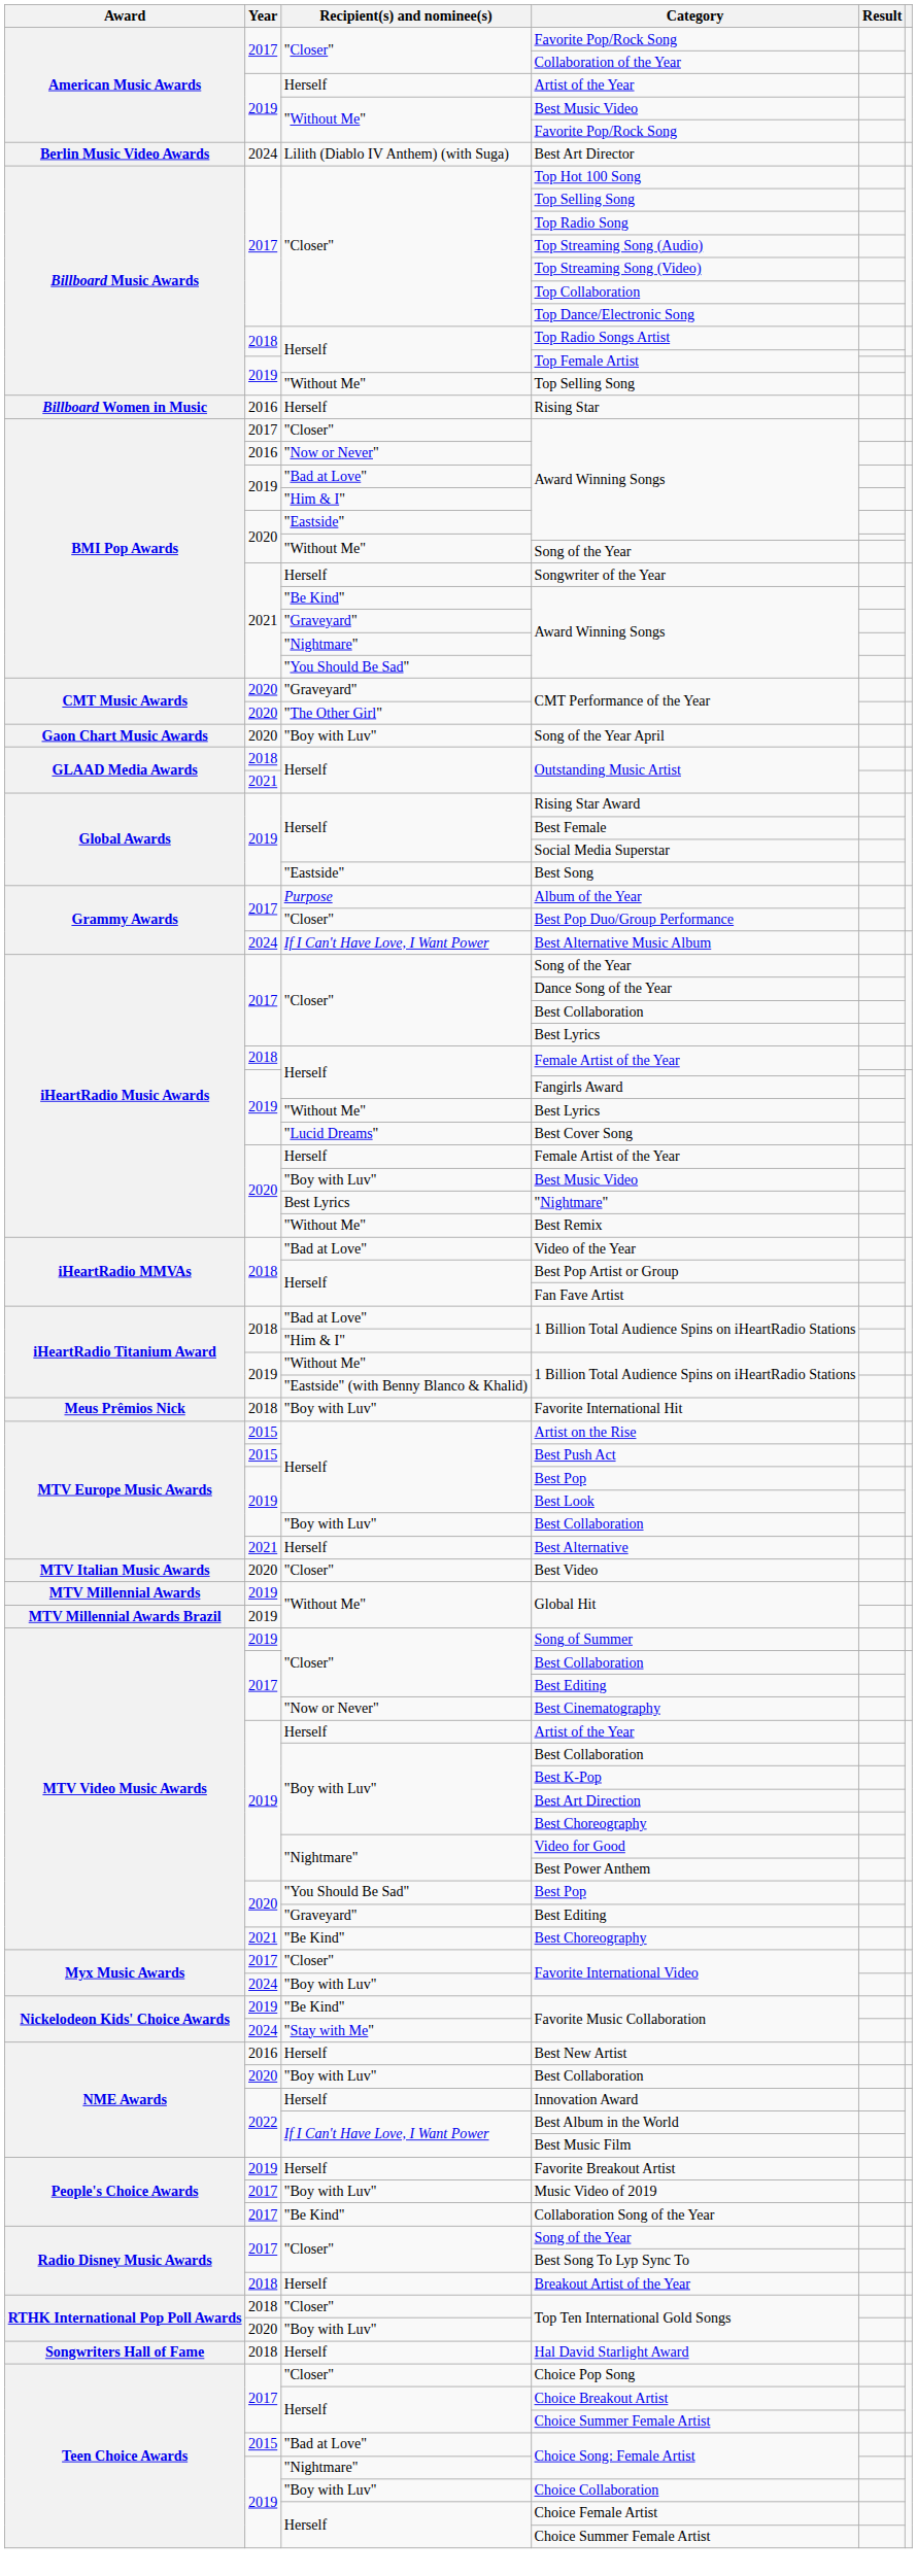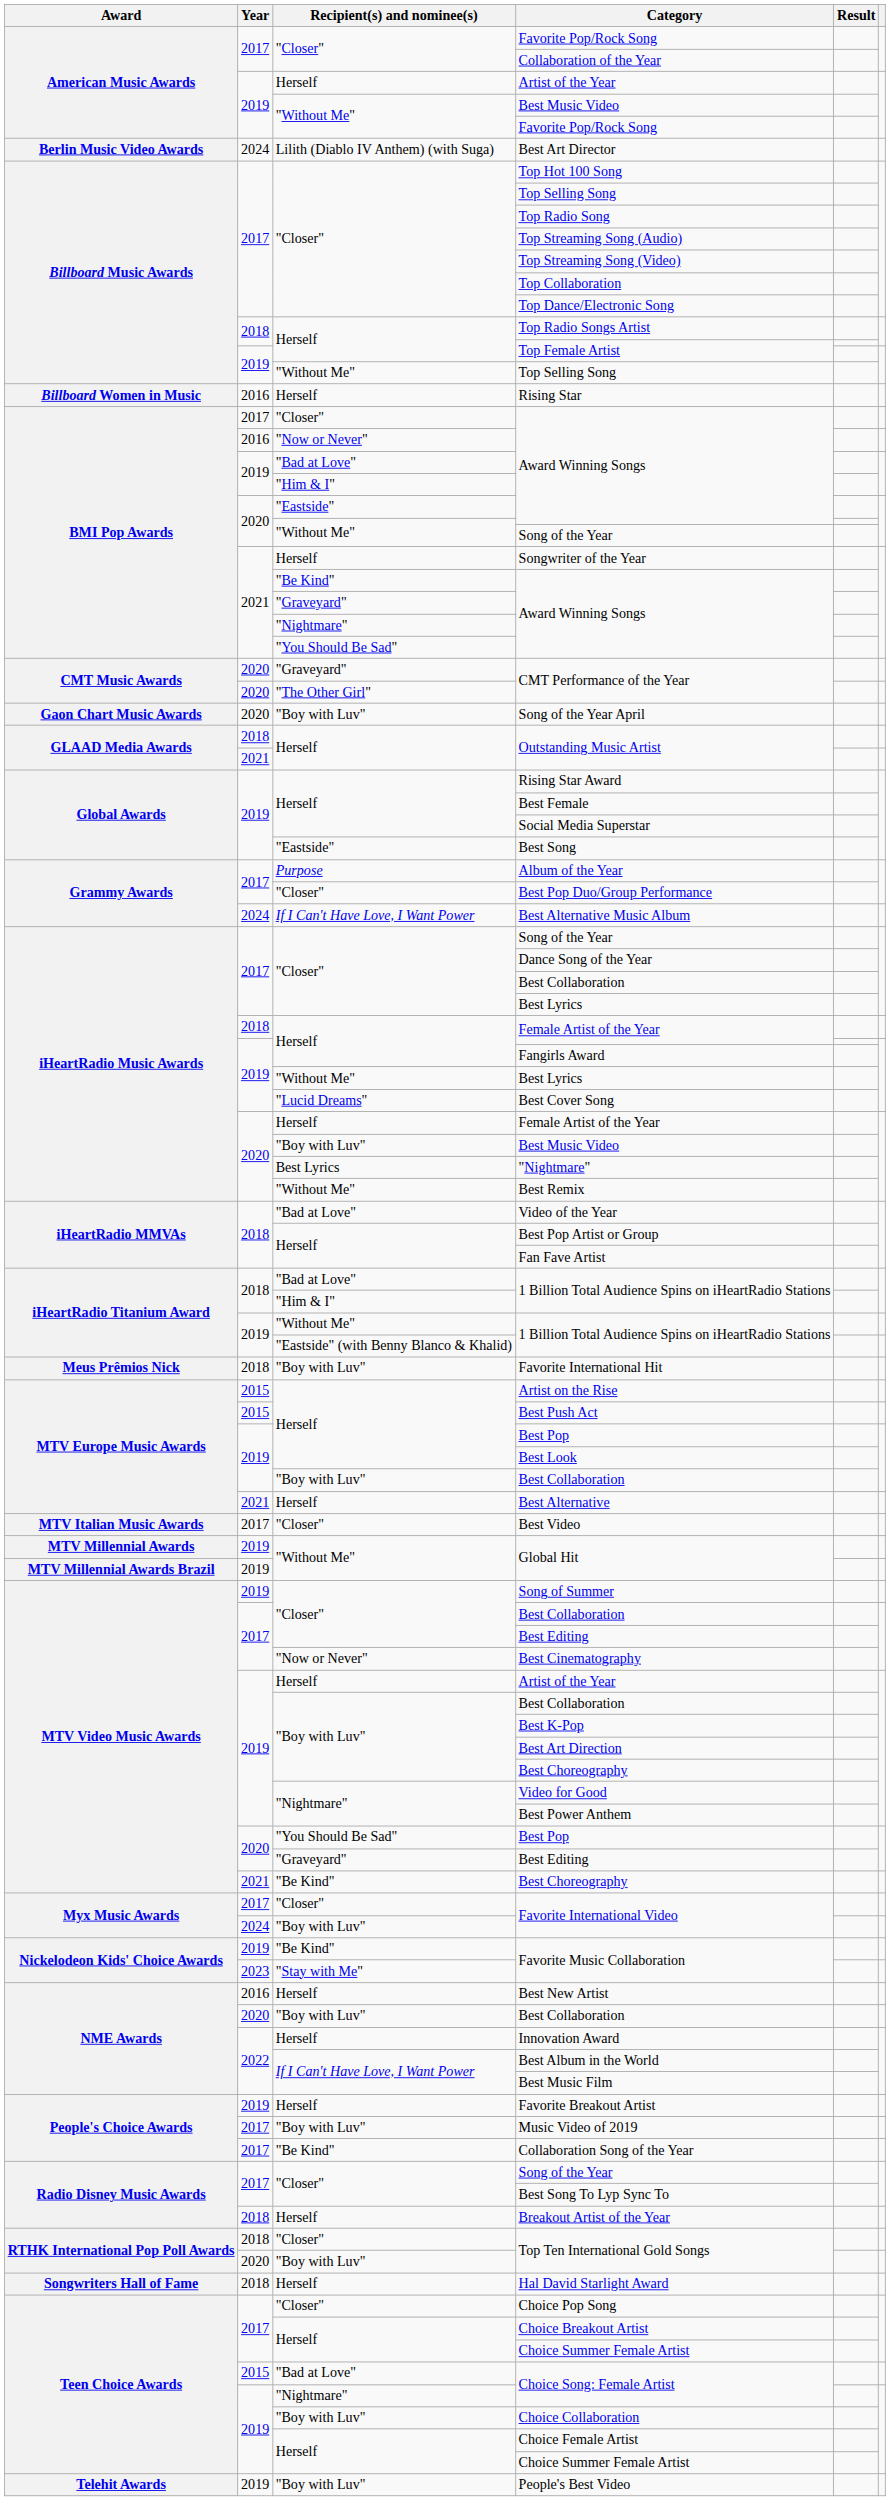 <table class="wikitable sortable plainrowheaders">
 <tr>
 <th scope="col">Award</th>
 <th scope="col">Year</th>
 <th scope="col">Recipient(s) and nominee(s)</th>
 <th scope="col">Category</th>
 <th scope="col">Result</th>
 <th scope="col" class="unsortable"></th>
 </tr>
 <tr>
 <th rowspan="5" scope="row"><a href='#'>American Music Awards</a></th>
 <td rowspan="2"><a href='#'>2017</a></td>
 <td rowspan="2">"<a href='#'>Closer</a>" </td>
 <td><a href='#'>Favorite Pop/Rock Song</a></td>
 <td></td>
 <td rowspan="2" style="text-align:center;"></td>
 </tr>
 <tr>
 <td><a href='#'>Collaboration of the Year</a></td>
 <td></td>
 </tr>
 <tr>
 <td rowspan="3"><a href='#'>2019</a></td>
 <td>Herself</td>
 <td><a href='#'>Artist of the Year</a></td>
 <td></td>
 <td rowspan="3" style="text-align:center;"></td>
 </tr>
 <tr>
 <td rowspan="2">"<a href='#'>Without Me</a>"</td>
 <td><a href='#'>Best Music Video</a></td>
 <td></td>
 </tr>
 <tr>
 <td><a href='#'>Favorite Pop/Rock Song</a></td>
 <td></td>
 </tr>
 <tr>
 <th><a href='#'>Berlin Music Video Awards</a></th>
 <td>2024</td>
 <td>Lilith (Diablo IV Anthem) (with Suga)</td>
 <td>Best Art Director</td>
 <td></td>
 </tr>
 <tr>
 <th rowspan="11" scope="row"><a href='#'><em>Billboard</em> Music Awards</a></th>
 <td rowspan="7"><a href='#'>2017</a></td>
 <td rowspan="7">"Closer" </td>
 <td><a href='#'>Top Hot 100 Song</a></td>
 <td></td>
 <td rowspan="7" style="text-align:center;"></td>
 </tr>
 <tr>
 <td><a href='#'>Top Selling Song</a></td>
 <td></td>
 </tr>
 <tr>
 <td><a href='#'>Top Radio Song</a></td>
 <td></td>
 </tr>
 <tr>
 <td><a href='#'>Top Streaming Song (Audio)</a></td>
 <td></td>
 </tr>
 <tr>
 <td><a href='#'>Top Streaming Song (Video)</a></td>
 <td></td>
 </tr>
 <tr>
 <td><a href='#'>Top Collaboration</a></td>
 <td></td>
 </tr>
 <tr>
 <td><a href='#'>Top Dance/Electronic Song</a></td>
 <td></td>
 </tr>
 <tr>
 <td rowspan="2"><a href='#'>2018</a></td>
 <td rowspan="3">Herself</td>
 <td><a href='#'>Top Radio Songs Artist</a></td>
 <td></td>
 <td rowspan="2" style="text-align:center;"></td>
 </tr>
 <tr>
 <td rowspan="2"><a href='#'>Top Female Artist</a></td>
 <td></td>
 </tr>
 <tr>
 <td rowspan="2"><a href='#'>2019</a></td>
 <td></td>
 <td rowspan="2" style="text-align:center;"></td>
 </tr>
 <tr>
 <td>"Without Me"</td>
 <td>Top Selling Song</td>
 <td></td>
 </tr>
 <tr>
 <th scope="row"><a href='#'><em>Billboard</em> Women in Music</a></th>
 <td>2016</td>
 <td>Herself</td>
 <td>Rising Star</td>
 <td></td>
 <td style="text-align:center;"></td>
 </tr>
 <tr>
 <th rowspan="12" scope="row"><a href='#'>BMI Pop Awards</a></th>
 <td>2017</td>
 <td>"Closer" </td>
 <td rowspan="6">Award Winning Songs</td>
 <td></td>
 <td style="text-align:center;"></td>
 </tr>
 <tr>
 <td>2016</td>
 <td>"<a href='#'>Now or Never</a>"</td>
 <td></td>
 <td style="text-align:center;"></td>
 </tr>
 <tr>
 <td rowspan="2">2019</td>
 <td>"<a href='#'>Bad at Love</a>"</td>
 <td></td>
 <td rowspan="2" style="text-align:center;"></td>
 </tr>
 <tr>
 <td>"<a href='#'>Him & I</a>" </td>
 <td></td>
 </tr>
 <tr>
 <td rowspan="3">2020</td>
 <td>"<a href='#'>Eastside</a>" </td>
 <td></td>
 <td rowspan="3" style="text-align:center;"></td>
 </tr>
 <tr>
 <td rowspan="2">"Without Me"</td>
 <td></td>
 </tr>
 <tr>
 <td>Song of the Year</td>
 <td></td>
 </tr>
 <tr>
 <td rowspan="5">2021</td>
 <td>Herself</td>
 <td>Songwriter of the Year</td>
 <td></td>
 <td rowspan="5" style="text-align:center;"></td>
 </tr>
 <tr>
 <td>"<a href='#'>Be Kind</a>" </td>
 <td rowspan="4">Award Winning Songs</td>
 <td></td>
 </tr>
 <tr>
 <td>"<a href='#'>Graveyard</a>"</td>
 <td></td>
 </tr>
 <tr>
 <td>"<a href='#'>Nightmare</a>"</td>
 <td></td>
 </tr>
 <tr>
 <td>"<a href='#'>You Should Be Sad</a>"</td>
 <td></td>
 </tr>
 <tr>
 <th rowspan="2" scope="row"><a href='#'>CMT Music Awards</a></th>
 <td><a href='#'>2020</a></td>
 <td>"Graveyard" </td>
 <td rowspan="2">CMT Performance of the Year</td>
 <td></td>
 <td style="text-align:center;"></td>
 </tr>
 <tr>
 <td><a href='#'>2020</a></td>
 <td>"<a href='#'>The Other Girl</a>" </td>
 <td></td>
 <td style="text-align:center;"></td>
 </tr>
 <tr>
 <th scope="row"><a href='#'>Gaon Chart Music Awards</a></th>
 <td>2020</td>
 <td>"Boy with Luv" </td>
 <td>Song of the Year April</td>
 <td></td>
 <td style="text-align:center;"></td>
 </tr>
 <tr>
 <th rowspan="2" scope="row"><a href='#'>GLAAD Media Awards</a></th>
 <td><a href='#'>2018</a></td>
 <td rowspan="2">Herself</td>
 <td rowspan="2"><a href='#'>Outstanding Music Artist</a></td>
 <td></td>
 <td style="text-align:center;"></td>
 </tr>
 <tr>
 <td><a href='#'>2021</a></td>
 <td></td>
 <td style="text-align:center;"></td>
 </tr>
 <tr>
 <th rowspan="4" scope="row"><a href='#'>Global Awards</a></th>
 <td rowspan="4"><a href='#'>2019</a></td>
 <td rowspan="3">Herself</td>
 <td>Rising Star Award</td>
 <td></td>
 <td rowspan="4" style="text-align:center;"></td>
 </tr>
 <tr>
 <td>Best Female</td>
 <td></td>
 </tr>
 <tr>
 <td>Social Media Superstar</td>
 <td></td>
 </tr>
 <tr>
 <td>"Eastside" </td>
 <td>Best Song</td>
 <td></td>
 </tr>
 <tr>
 <th rowspan="3" scope="row"><a href='#'>Grammy Awards</a></th>
 <td rowspan="2"><a href='#'>2017</a></td>
 <td><em><a href='#'>Purpose</a></em> </td>
 <td><a href='#'>Album of the Year</a></td>
 <td></td>
 <td rowspan="2" style="text-align:center;"></td>
 </tr>
 <tr>
 <td>"Closer" </td>
 <td><a href='#'>Best Pop Duo/Group Performance</a></td>
 <td></td>
 </tr>
 <tr>
 <td><a href='#'>2024</a></td>
 <td><em><a href='#'>If I Can't Have Love, I Want Power</a></em></td>
 <td><a href='#'>Best Alternative Music Album</a></td>
 <td></td>
 <td></td>
 </tr>
 <tr>
 <th rowspan="13" scope="row"><a href='#'>iHeartRadio Music Awards</a></th>
 <td rowspan="4"><a href='#'>2017</a></td>
 <td rowspan="4">"Closer" </td>
 <td>Song of the Year</td>
 <td></td>
 <td rowspan="4" style="text-align:center;"></td>
 </tr>
 <tr>
 <td>Dance Song of the Year</td>
 <td></td>
 </tr>
 <tr>
 <td>Best Collaboration</td>
 <td></td>
 </tr>
 <tr>
 <td>Best Lyrics</td>
 <td></td>
 </tr>
 <tr>
 <td><a href='#'>2018</a></td>
 <td rowspan="3">Herself</td>
 <td rowspan="2"><a href='#'>Female Artist of the Year</a></td>
 <td></td>
 <td style="text-align:center;"></td>
 </tr>
 <tr>
 <td rowspan="4"><a href='#'>2019</a></td>
 <td></td>
 <td rowspan="4" style="text-align:center;"></td>
 </tr>
 <tr>
 <td>Fangirls Award</td>
 <td></td>
 </tr>
 <tr>
 <td>"Without Me"</td>
 <td>Best Lyrics</td>
 <td></td>
 </tr>
 <tr>
 <td>"<a href='#'>Lucid Dreams</a>"</td>
 <td>Best Cover Song</td>
 <td></td>
 </tr>
 <tr>
 <td rowspan="4"><a href='#'>2020</a></td>
 <td>Herself</td>
 <td>Female Artist of the Year</td>
 <td></td>
 <td rowspan="4" style="text-align:center;"></td>
 </tr>
 <tr>
 <td>"Boy with Luv" </td>
 <td><a href='#'>Best Music Video</a></td>
 <td></td>
 </tr>
 <tr>
 <td>Best Lyrics</td>
 <td>"<a href='#'>Nightmare</a>"</td>
 <td></td>
 </tr>
 <tr>
 <td>"Without Me" </td>
 <td>Best Remix</td>
 <td></td>
 </tr>
 <tr>
 <th rowspan="3" scope="row"><a href='#'>iHeartRadio MMVAs</a></th>
 <td rowspan="3"><a href='#'>2018</a></td>
 <td>"Bad at Love"</td>
 <td>Video of the Year</td>
 <td></td>
 <td rowspan="3" style="text-align:center;"></td>
 </tr>
 <tr>
 <td rowspan="2">Herself</td>
 <td>Best Pop Artist or Group</td>
 <td></td>
 </tr>
 <tr>
 <td>Fan Fave Artist</td>
 <td></td>
 </tr>
 <tr>
 <th rowspan="4" scope="row"><a href='#'>iHeartRadio Titanium Award</a></th>
 <td rowspan="2">2018</td>
 <td>"Bad at Love"</td>
 <td rowspan="2">1 Billion Total Audience Spins on iHeartRadio Stations</td>
 <td></td>
 <td rowspan="2" style="text-align:center;"></td>
 </tr>
 <tr>
 <td>"Him & I" </td>
 <td></td>
 </tr>
 <tr>
 <td rowspan="2">2019</td>
 <td>"Without Me"</td>
 <td rowspan="2">1 Billion Total Audience Spins on iHeartRadio Stations</td>
 <td></td>
 <td></td>
 </tr>
 <tr>
 <td>"Eastside" (with Benny Blanco & Khalid)</td>
 <td></td>
 <td></td>
 </tr>
 <tr>
 <th scope="row"><a href='#'>Meus Prêmios Nick</a></th>
 <td>2018</td>
 <td>"Boy with Luv" </td>
 <td>Favorite International Hit</td>
 <td></td>
 <td style="text-align:center;"></td>
 </tr>
 <tr>
 <th rowspan="6" scope="row"><a href='#'>MTV Europe Music Awards</a></th>
 <td><a href='#'>2015</a></td>
 <td rowspan="4">Herself</td>
 <td><a href='#'>Artist on the Rise</a></td>
 <td></td>
 <td style="text-align:center;"></td>
 </tr>
 <tr>
 <td><a href='#'>2015</a></td>
 <td><a href='#'>Best Push Act</a></td>
 <td></td>
 <td style="text-align:center;"></td>
 </tr>
 <tr>
 <td rowspan="3"><a href='#'>2019</a></td>
 <td><a href='#'>Best Pop</a></td>
 <td></td>
 <td rowspan="3" style="text-align:center;"></td>
 </tr>
 <tr>
 <td><a href='#'>Best Look</a></td>
 <td></td>
 </tr>
 <tr>
 <td>"Boy with Luv" </td>
 <td><a href='#'>Best Collaboration</a></td>
 <td></td>
 </tr>
 <tr>
 <td><a href='#'>2021</a></td>
 <td>Herself</td>
 <td><a href='#'>Best Alternative</a></td>
 <td></td>
 <td style="text-align:center;"></td>
 </tr>
 <tr>
 <th scope="row"><a href='#'>MTV Italian Music Awards</a></th>
-<td>2020</td>
+<td>2017</td>
 <td>"Closer" </td>
 <td>Best Video</td>
 <td></td>
 <td style="text-align:center;"></td>
 </tr>
 <tr>
 <th scope="row"><a href='#'>MTV Millennial Awards</a></th>
 <td><a href='#'>2019</a></td>
 <td rowspan="2">"Without Me"</td>
 <td rowspan="2">Global Hit</td>
 <td></td>
 <td style="text-align:center;"></td>
 </tr>
 <tr>
 <th scope="row"><a href='#'>MTV Millennial Awards Brazil</a></th>
 <td>2019</td>
 <td></td>
 <td style="text-align:center;"></td>
 </tr>
 <tr>
 <th rowspan="14" scope="row"><a href='#'>MTV Video Music Awards</a></th>
 <td><a href='#'>2019</a></td>
 <td rowspan="3">"Closer" </td>
 <td><a href='#'>Song of Summer</a></td>
 <td></td>
 <td style="text-align:center;"></td>
 </tr>
 <tr>
 <td rowspan="3"><a href='#'>2017</a></td>
 <td><a href='#'>Best Collaboration</a></td>
 <td></td>
 <td rowspan="3" style="text-align:center;"></td>
 </tr>
 <tr>
 <td><a href='#'>Best Editing</a></td>
 <td></td>
 </tr>
 <tr>
 <td>"Now or Never"</td>
 <td><a href='#'>Best Cinematography</a></td>
 <td></td>
 </tr>
 <tr>
 <td rowspan="7"><a href='#'>2019</a></td>
 <td>Herself</td>
 <td><a href='#'>Artist of the Year</a></td>
 <td></td>
 <td rowspan="7" style="text-align:center;"></td>
 </tr>
 <tr>
 <td rowspan="4">"Boy with Luv" </td>
 <td>Best Collaboration</td>
 <td></td>
 </tr>
 <tr>
 <td><a href='#'>Best K-Pop</a></td>
 <td></td>
 </tr>
 <tr>
 <td><a href='#'>Best Art Direction</a></td>
 <td></td>
 </tr>
 <tr>
 <td><a href='#'>Best Choreography</a></td>
 <td></td>
 </tr>
 <tr>
 <td rowspan="2">"Nightmare"</td>
 <td><a href='#'>Video for Good</a></td>
 <td></td>
 </tr>
 <tr>
 <td>Best Power Anthem</td>
 <td></td>
 </tr>
 <tr>
 <td rowspan="2"><a href='#'>2020</a></td>
 <td>"You Should Be Sad"</td>
 <td><a href='#'>Best Pop</a></td>
 <td></td>
 <td rowspan="2" style="text-align:center;"></td>
 </tr>
 <tr>
 <td>"Graveyard"</td>
 <td>Best Editing</td>
 <td></td>
 </tr>
 <tr>
 <td><a href='#'>2021</a></td>
 <td>"Be Kind" </td>
 <td><a href='#'>Best Choreography</a></td>
 <td></td>
 <td style="text-align:center;"></td>
 </tr>
 <tr>
 <th rowspan="2" scope="row"><a href='#'>Myx Music Awards</a></th>
 <td><a href='#'>2017</a></td>
 <td>"Closer" </td>
 <td rowspan="2"><a href='#'>Favorite International Video</a></td>
 <td></td>
 <td style="text-align:center;"></td>
 </tr>
 <tr>
 <td><a href='#'>2024</a></td>
 <td>"Boy with Luv" </td>
 <td></td>
 <td style"text-align:center;"></td>
 </tr>
 <tr>
 <th rowspan="2" scope="row"><a href='#'>Nickelodeon Kids' Choice Awards</a></th>
 <td><a href='#'>2019</a></td>
 <td>"Be Kind" </td>
 <td rowspan="2">Favorite Music Collaboration</td>
 <td></td>
 <td style="text-align:center;"></td>
 </tr>
 <tr>
-<td><a href='#'>2024</a></td>
+<td><a href='#'>2023</a></td>
 <td>"<a href='#'>Stay with Me</a>" </td>
 <td></td>
 <td style="text-align:center";></td>
 </tr>
 <tr>
 <th rowspan="5" scope="row"><a href='#'>NME Awards</a></th>
 <td>2016</td>
 <td>Herself</td>
 <td>Best New Artist</td>
 <td></td>
 <td style="text-align:center;"></td>
 </tr>
 <tr>
 <td><a href='#'>2020</a></td>
 <td>"Boy with Luv" </td>
 <td>Best Collaboration</td>
 <td></td>
 <td style="text-align:center;"></td>
 </tr>
 <tr>
 <td rowspan="3"><a href='#'>2022</a></td>
 <td>Herself</td>
 <td>Innovation Award</td>
 <td></td>
 <td rowspan="3"></td>
 </tr>
 <tr>
 <td rowspan="2"><em><a href='#'>If I Can't Have Love, I Want Power</a></em></td>
 <td>Best Album in the World</td>
 <td></td>
 </tr>
 <tr>
 <td>Best Music Film</td>
 <td></td>
 </tr>
 <tr>
 <th rowspan="3" scope="row"><a href='#'>People's Choice Awards</a></th>
 <td><a href='#'>2019</a></td>
 <td>Herself</td>
 <td>Favorite Breakout Artist</td>
 <td></td>
 <td style="text-align:center;"></td>
 </tr>
 <tr>
 <td><a href='#'>2017</a></td>
 <td>"Boy with Luv" </td>
 <td>Music Video of 2019</td>
 <td></td>
 <td style="text-align:center;"></td>
 </tr>
 <tr>
 <td><a href='#'>2017</a></td>
 <td>"Be Kind" </td>
 <td>Collaboration Song of the Year</td>
 <td></td>
 <td style="text-align:center;"></td>
 </tr>
 <tr>
 <th rowspan="3" scope="row"><a href='#'>Radio Disney Music Awards</a></th>
 <td rowspan="2"><a href='#'>2017</a></td>
 <td rowspan="2">"Closer" </td>
 <td><a href='#'>Song of the Year</a></td>
 <td></td>
 <td rowspan="2" style="text-align:center;"></td>
 </tr>
 <tr>
 <td>Best Song To Lyp Sync To</td>
 <td></td>
 </tr>
 <tr>
 <td><a href='#'>2018</a></td>
 <td>Herself</td>
 <td><a href='#'>Breakout Artist of the Year</a></td>
 <td></td>
 <td style="text-align:center;"></td>
 </tr>
 <tr>
 <th rowspan="2" scope="row"><a href='#'>RTHK International Pop Poll Awards</a></th>
 <td>2018</td>
 <td>"Closer" </td>
 <td rowspan="2">Top Ten International Gold Songs</td>
 <td></td>
 <td style="text-align:center;"></td>
 </tr>
 <tr>
 <td>2020</td>
 <td>"Boy with Luv" </td>
 <td></td>
 <td style="text-align:center;"></td>
 </tr>
 <tr>
 <th scope="row"><a href='#'>Songwriters Hall of Fame</a></th>
 <td>2018</td>
 <td>Herself</td>
 <td><a href='#'>Hal David Starlight Award</a></td>
 <td></td>
 <td style="text-align:center;"></td>
 </tr>
 <tr>
 <th rowspan="8" scope="row"><a href='#'>Teen Choice Awards</a></th>
 <td rowspan="3"><a href='#'>2017</a></td>
 <td>"Closer" </td>
 <td>Choice Pop Song</td>
 <td></td>
 <td rowspan="3" style="text-align:center;"></td>
 </tr>
 <tr>
 <td rowspan="2">Herself</td>
 <td><a href='#'>Choice Breakout Artist</a></td>
 <td></td>
 </tr>
 <tr>
 <td><a href='#'>Choice Summer Female Artist</a></td>
 <td></td>
 </tr>
 <tr>
 <td><a href='#'>2015</a></td>
 <td>"Bad at Love"</td>
 <td rowspan="2"><a href='#'>Choice Song: Female Artist</a></td>
 <td></td>
 <td style="text-align:center;"></td>
 </tr>
 <tr>
 <td rowspan="4"><a href='#'>2019</a></td>
 <td>"Nightmare"</td>
 <td></td>
 <td rowspan="4" style="text-align:center;"></td>
 </tr>
 <tr>
 <td>"Boy with Luv" </td>
 <td><a href='#'>Choice Collaboration</a></td>
 <td></td>
 </tr>
 <tr>
 <td rowspan="2">Herself</td>
 <td>Choice Female Artist</td>
 <td></td>
 </tr>
 <tr>
 <td>Choice Summer Female Artist</td>
 <td></td>
 </tr>
+<tr>
+<th scope="row"><a href='#'>Telehit Awards</a></th>
+<td>2019</td>
+<td>"Boy with Luv" </td>
+<td>People's Best Video</td>
+<td></td>
+<td style="text-align:center;"></td>
+</tr>
 </table>
